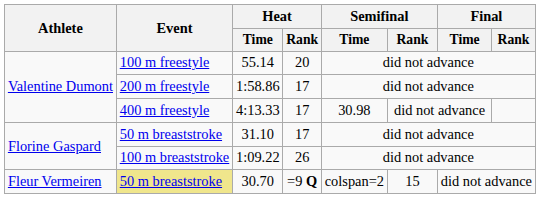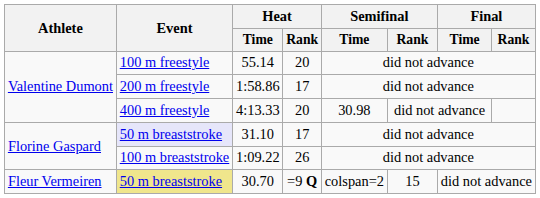 <table class="wikitable" style="text-align:center; font-size:90%">
 <tr>
 <th rowspan="2">Athlete</th>
 <th rowspan="2">Event</th>
 <th colspan="2">Heat</th>
 <th colspan="2">Semifinal</th>
 <th colspan="2">Final</th>
 </tr>
 <tr style="font-size:95%">
 <th>Time</th>
 <th>Rank</th>
 <th>Time</th>
 <th>Rank</th>
 <th>Time</th>
 <th>Rank</th>
 </tr>
 <tr>
 <td rowspan=3 align=left><a href='#'>Valentine Dumont</a></td>
 <td align=left><a href='#'>100 m freestyle</a></td>
 <td>55.14</td>
 <td>20</td>
 <td colspan=4>did not advance</td>
 </tr>
 <tr>
 <td align=left><a href='#'>200 m freestyle</a></td>
 <td>1:58.86</td>
 <td>17</td>
 <td colspan=4>did not advance</td>
 </tr>
 <tr>
 <td align=left><a href='#'>400 m freestyle</a></td>
 <td>4:13.33</td>
-<td>17</td>
+<td>20</td>
 <td>30.98</td>
 <td colspan=2>did not advance</td>
 </tr>
 <tr>
 <td rowspan=2 align=left><a href='#'>Florine Gaspard</a></td>
-<td align=left><a href='#'>50 m breaststroke</a></td>
+<td align=left style="background: lavender;"><a href='#'>50 m breaststroke</a></td>
 <td>31.10</td>
 <td>17</td>
 <td colspan=4>did not advance</td>
 </tr>
 <tr>
 <td align=left><a href='#'>100 m breaststroke</a></td>
 <td>1:09.22</td>
 <td>26</td>
 <td colspan=4>did not advance</td>
 </tr>
 <tr>
 <td align=left><a href='#'>Fleur Vermeiren</a></td>
 <td align=left style="background: khaki;"><a href='#'>50 m breaststroke</a></td>
 <td>30.70</td>
 <td>=9 <strong>Q</strong></td>
 <td>colspan=2 </td>
 <td>15</td>
 <td colspan=2>did not advance</td>
 </tr>
 </table>
